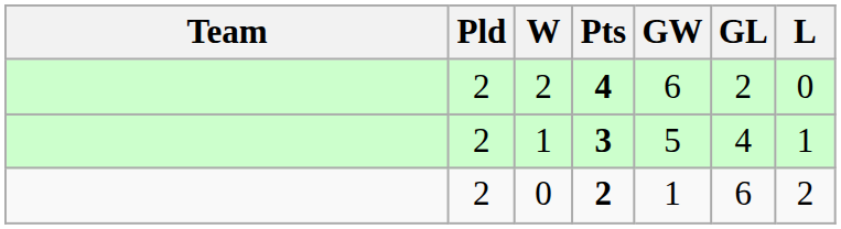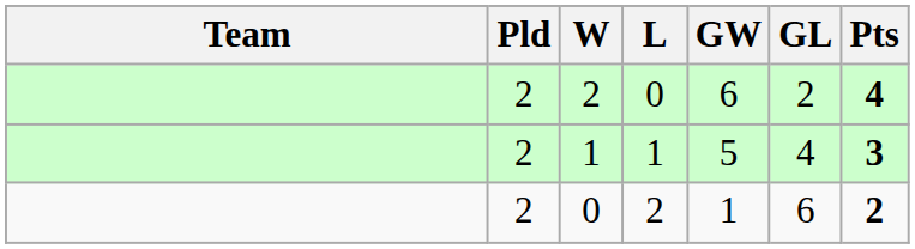 <table class="wikitable" style="text-align:center">
 <tr>
 <th width=200>Team</th>
 <th width=20>Pld</th>
 <th width=20>W</th>
-<th width=20>Pts</th>
+<th width=20>L</th>
 <th width=20>GW</th>
 <th width=20>GL</th>
-<th width=20>L</th>
+<th width=20>Pts</th>
 </tr>
 <tr bgcolor="ccffcc">
 <td style="text-align:left;"></td>
 <td>2</td>
 <td>2</td>
-<td><strong>4</strong></td>
+<td>0</td>
 <td>6</td>
 <td>2</td>
-<td>0</td>
+<td><strong>4</strong></td>
 </tr>
 <tr bgcolor="ccffcc">
 <td style="text-align:left;"></td>
 <td>2</td>
 <td>1</td>
-<td><strong>3</strong></td>
+<td>1</td>
 <td>5</td>
 <td>4</td>
-<td>1</td>
+<td><strong>3</strong></td>
 </tr>
 <tr>
 <td style="text-align:left;"></td>
 <td>2</td>
 <td>0</td>
-<td><strong>2</strong></td>
+<td>2</td>
 <td>1</td>
 <td>6</td>
-<td>2</td>
+<td><strong>2</strong></td>
 </tr>
 </table>
